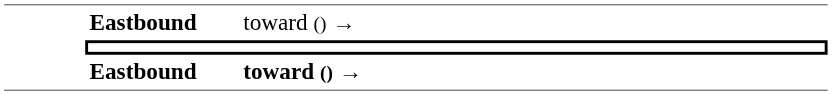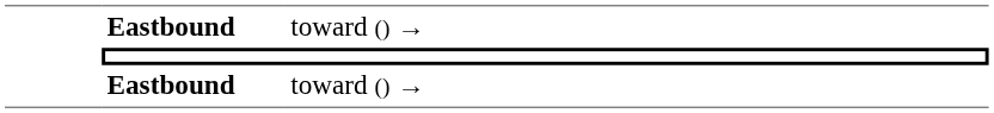 <table table border=0 cellspacing=0 cellpadding=3>
 <tr>
 <td style="border-top:solid 1px gray;border-bottom:solid 1px gray;" width=50 rowspan=3 valign=top></td>
 <td style="border-top:solid 1px gray;" width=100><strong>Eastbound</strong></td>
 <td style="border-top:solid 1px gray;" width=400> toward  <small>()</small> →</td>
 </tr>
 <tr>
 <td style="border-top:solid 2px black;border-right:solid 2px black;border-left:solid 2px black;border-bottom:solid 2px black;text-align:center;" colspan=2></td>
 </tr>
 <tr>
 <td style="border-bottom:solid 1px gray;"><strong>Eastbound</strong></td>
-<td style="border-bottom:solid 1px gray;"><strong> toward  <small>()</small> →</strong></td>
+<td style="border-bottom:solid 1px gray;"> toward  <small>()</small> →</td>
 </tr>
 </table>
